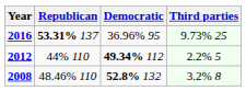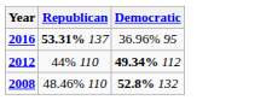 <table class="wikitable" style="float:left; margin: 1em 1em 1em 0; font-size: 95%;">
 <tr>
 <th>Year</th>
 <th><a href='#'>Republican</a></th>
 <th><a href='#'>Democratic</a></th>
-<th><a href='#'>Third parties</a></th>
 </tr>
 <tr>
 <td style="text-align:center; "><strong><a href='#'>2016</a></strong></td>
 <td style="text-align:center; "><strong>53.31%</strong> <em>137</em></td>
 <td style="text-align:center; ">36.96% <em>95</em></td>
-<td style="text-align:center; background:honeyDew;">9.73% <em>25</em></td>
 </tr>
 <tr>
 <td style="text-align:center; "><strong><a href='#'>2012</a></strong></td>
 <td style="text-align:center; ">44% <em>110</em></td>
 <td style="text-align:center; "><strong>49.34%</strong> <em>112</em></td>
-<td style="text-align:center; background:honeyDew;">2.2% <em>5</em></td>
 </tr>
 <tr>
 <td style="text-align:center; "><strong><a href='#'>2008</a></strong></td>
 <td style="text-align:center; ">48.46% <em>110</em></td>
 <td style="text-align:center; "><strong>52.8%</strong> <em>132</em></td>
-<td style="text-align:center; background:honeyDew;">3.2% <em>8</em></td>
 </tr>
 </table>
